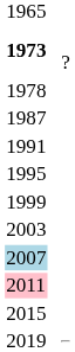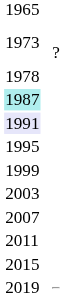 <table>
 <tr>
 <td>1965</td>
 <td></td>
 <td></td>
 <td></td>
 </tr>
 <tr>
-<td><strong>1973</strong></td>
+<td>1973</td>
 <td></td>
 <td></td>
 <td><br>?</td>
 </tr>
 <tr>
 <td>1978</td>
 <td></td>
 <td></td>
 <td><br></td>
 </tr>
 <tr>
-<td>1987</td>
+<td style="background: paleturquoise;">1987</td>
 <td></td>
 <td></td>
 <td><br></td>
 </tr>
 <tr>
-<td>1991</td>
+<td style="background: lavender;">1991</td>
 <td></td>
 <td></td>
 <td><br></td>
 </tr>
 <tr>
 <td>1995</td>
 <td></td>
 <td></td>
 <td><br></td>
 </tr>
 <tr>
 <td>1999</td>
 <td></td>
 <td></td>
 <td><br></td>
 </tr>
 <tr>
 <td>2003</td>
 <td></td>
 <td></td>
 <td><br></td>
 </tr>
 <tr>
-<td style="background: lightblue;">2007</td>
+<td>2007</td>
 <td></td>
 <td></td>
 <td> <br> </td>
 </tr>
 <tr>
-<td style="background: pink;">2011</td>
+<td>2011</td>
 <td></td>
 <td></td>
 <td><br></td>
 </tr>
 <tr>
 <td>2015</td>
 <td></td>
 <td></td>
 <td> <br> </td>
 </tr>
 <tr>
 <td>2019</td>
 <td></td>
 <td></td>
 <td><hr></td>
 </tr>
 </table>
